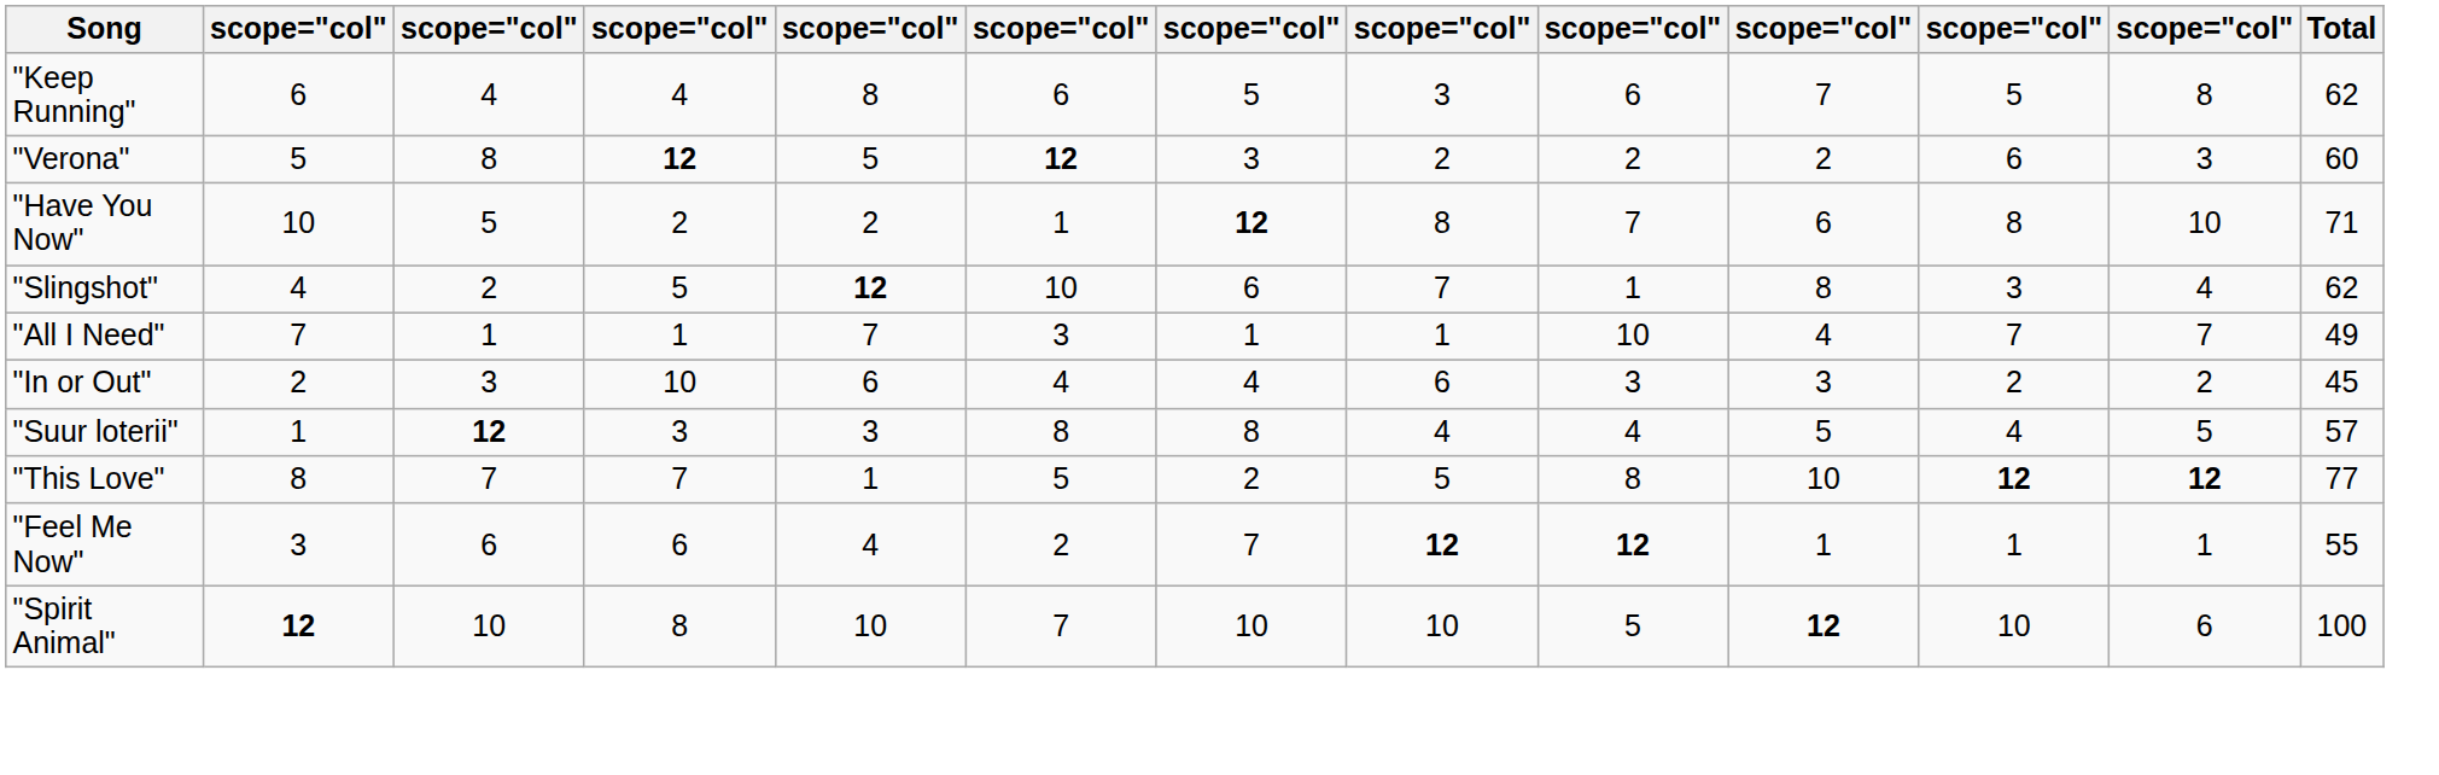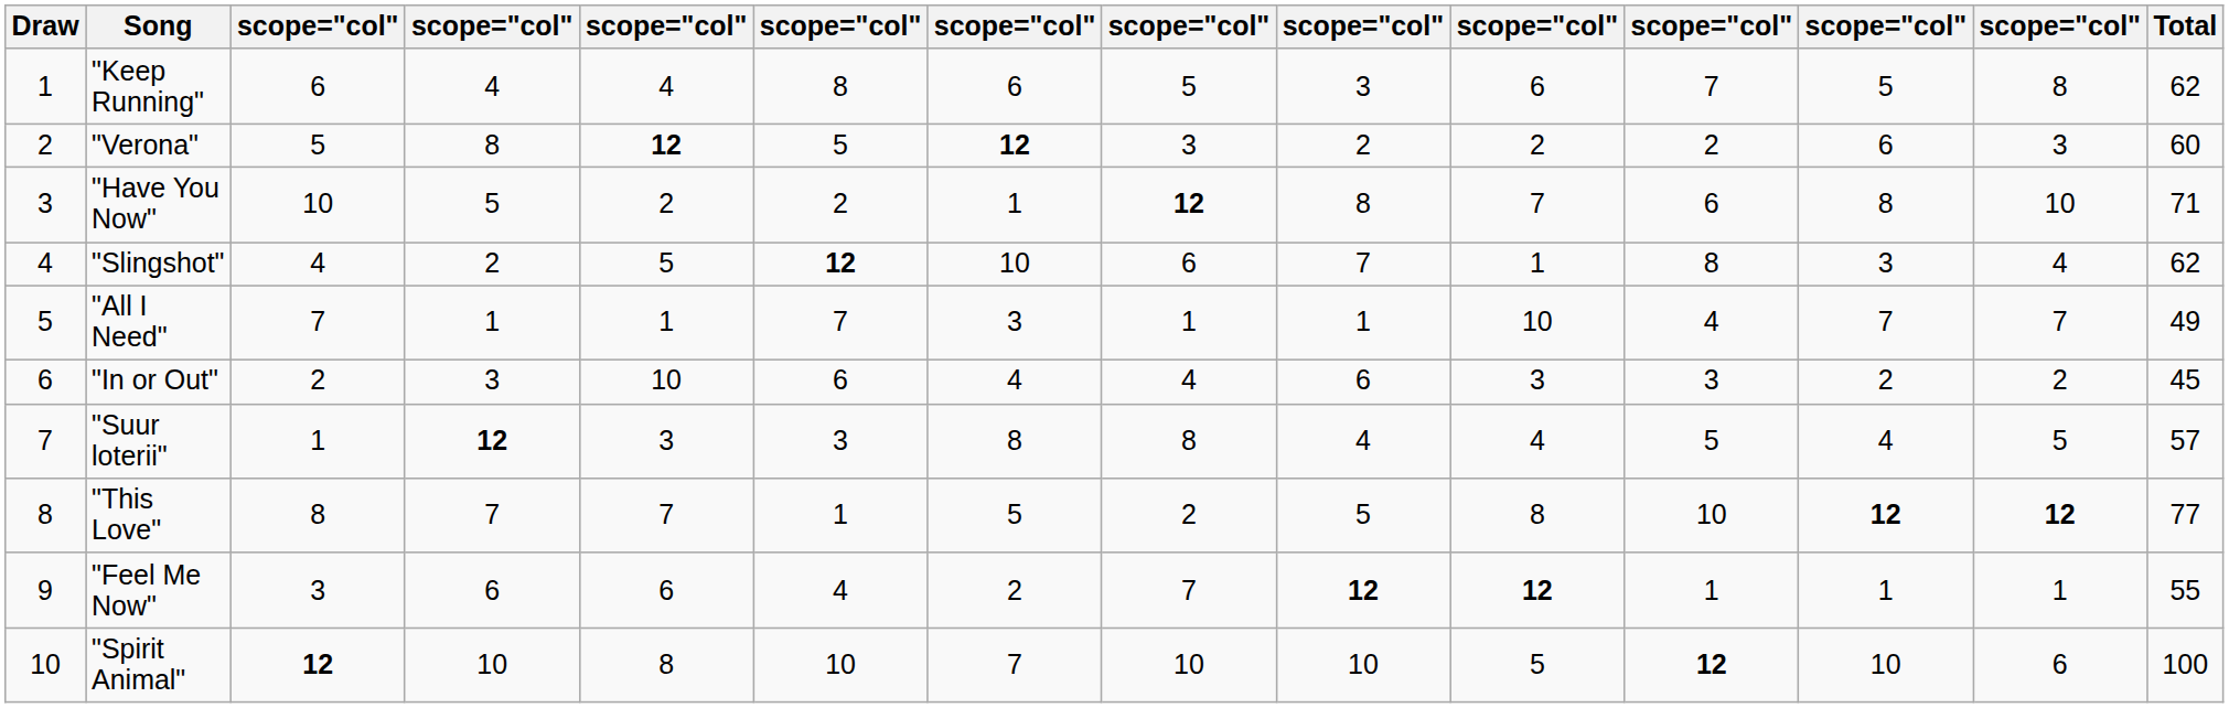 <table class="wikitable collapsible" style="margin: 1em auto 1em auto; text-align:center;">
 <tr>
+<th>Draw</th>
 <th>Song</th>
 <th>scope="col" </th>
 <th>scope="col" </th>
 <th>scope="col" </th>
 <th>scope="col" </th>
 <th>scope="col" </th>
 <th>scope="col" </th>
 <th>scope="col" </th>
 <th>scope="col" </th>
 <th>scope="col" </th>
 <th>scope="col" </th>
 <th>scope="col" </th>
 <th>Total</th>
 </tr>
 <tr>
+<td>1</td>
 <td align="left">"Keep Running"</td>
 <td>6</td>
 <td>4</td>
 <td>4</td>
 <td>8</td>
 <td>6</td>
 <td>5</td>
 <td>3</td>
 <td>6</td>
 <td>7</td>
 <td>5</td>
 <td>8</td>
 <td>62</td>
 </tr>
 <tr>
+<td>2</td>
 <td align="left">"Verona"</td>
 <td>5</td>
 <td>8</td>
 <td><strong>12</strong></td>
 <td>5</td>
 <td><strong>12</strong></td>
 <td>3</td>
 <td>2</td>
 <td>2</td>
 <td>2</td>
 <td>6</td>
 <td>3</td>
 <td>60</td>
 </tr>
 <tr>
+<td>3</td>
 <td align="left">"Have You Now"</td>
 <td>10</td>
 <td>5</td>
 <td>2</td>
 <td>2</td>
 <td>1</td>
 <td><strong>12</strong></td>
 <td>8</td>
 <td>7</td>
 <td>6</td>
 <td>8</td>
 <td>10</td>
 <td>71</td>
 </tr>
 <tr>
+<td>4</td>
 <td align="left">"Slingshot"</td>
 <td>4</td>
 <td>2</td>
 <td>5</td>
 <td><strong>12</strong></td>
 <td>10</td>
 <td>6</td>
 <td>7</td>
 <td>1</td>
 <td>8</td>
 <td>3</td>
 <td>4</td>
 <td>62</td>
 </tr>
 <tr>
+<td>5</td>
 <td align="left">"All I Need"</td>
 <td>7</td>
 <td>1</td>
 <td>1</td>
 <td>7</td>
 <td>3</td>
 <td>1</td>
 <td>1</td>
 <td>10</td>
 <td>4</td>
 <td>7</td>
 <td>7</td>
 <td>49</td>
 </tr>
 <tr>
+<td>6</td>
 <td align="left">"In or Out"</td>
 <td>2</td>
 <td>3</td>
 <td>10</td>
 <td>6</td>
 <td>4</td>
 <td>4</td>
 <td>6</td>
 <td>3</td>
 <td>3</td>
 <td>2</td>
 <td>2</td>
 <td>45</td>
 </tr>
 <tr>
+<td>7</td>
 <td align="left">"Suur loterii"</td>
 <td>1</td>
 <td><strong>12</strong></td>
 <td>3</td>
 <td>3</td>
 <td>8</td>
 <td>8</td>
 <td>4</td>
 <td>4</td>
 <td>5</td>
 <td>4</td>
 <td>5</td>
 <td>57</td>
 </tr>
 <tr>
+<td>8</td>
 <td align="left">"This Love"</td>
 <td>8</td>
 <td>7</td>
 <td>7</td>
 <td>1</td>
 <td>5</td>
 <td>2</td>
 <td>5</td>
 <td>8</td>
 <td>10</td>
 <td><strong>12</strong></td>
 <td><strong>12</strong></td>
 <td>77</td>
 </tr>
 <tr>
+<td>9</td>
 <td align="left">"Feel Me Now"</td>
 <td>3</td>
 <td>6</td>
 <td>6</td>
 <td>4</td>
 <td>2</td>
 <td>7</td>
 <td><strong>12</strong></td>
 <td><strong>12</strong></td>
 <td>1</td>
 <td>1</td>
 <td>1</td>
 <td>55</td>
 </tr>
 <tr>
+<td>10</td>
 <td align="left">"Spirit Animal"</td>
 <td><strong>12</strong></td>
 <td>10</td>
 <td>8</td>
 <td>10</td>
 <td>7</td>
 <td>10</td>
 <td>10</td>
 <td>5</td>
 <td><strong>12</strong></td>
 <td>10</td>
 <td>6</td>
 <td>100</td>
 </tr>
 </table>
